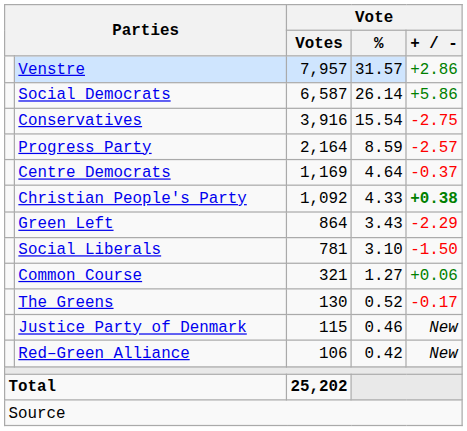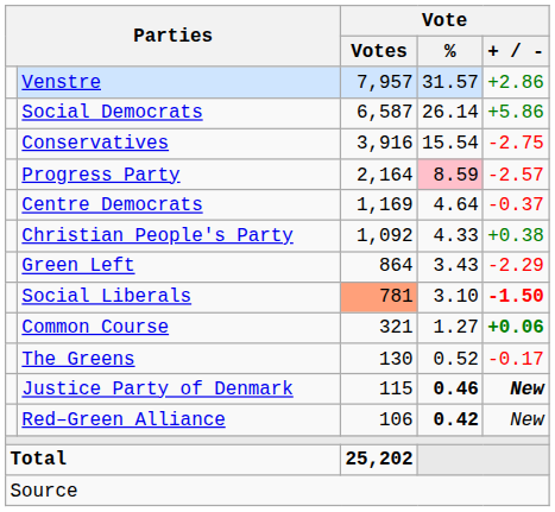 <table class="wikitable" style="text-align:right;">
 <tr>
 <th style="text-align:centre;" rowspan="2" colspan="2" width="225">Parties</th>
 <th colspan="3">Vote</th>
 </tr>
 <tr>
 <th width="15">Votes</th>
 <th width="15">%</th>
 <th width="15">+ / -</th>
 </tr>
 <tr>
 <td width="2" style="color:inherit;background:"></td>
 <td bgcolor=#cfe5fe  align="left"><a href='#'>Venstre</a></td>
 <td bgcolor=#cfe5fe>7,957</td>
 <td bgcolor=#cfe5fe>31.57</td>
 <td style=color:green;>+2.86</td>
 </tr>
 <tr>
 <td width="2" style="color:inherit;background:"></td>
 <td align="left"><a href='#'>Social Democrats</a></td>
 <td>6,587</td>
 <td>26.14</td>
 <td style=color:green;>+5.86</td>
 </tr>
 <tr>
 <td width="2" style="color:inherit;background:"></td>
 <td align="left"><a href='#'>Conservatives</a></td>
 <td>3,916</td>
 <td>15.54</td>
 <td style=color:red;>-2.75</td>
 </tr>
 <tr>
 <td width="2" style="color:inherit;background:"></td>
 <td align="left"><a href='#'>Progress Party</a></td>
 <td>2,164</td>
-<td>8.59</td>
+<td style="background: pink;">8.59</td>
 <td style=color:red;>-2.57</td>
 </tr>
 <tr>
 <td width="2" style="color:inherit;background:"></td>
 <td align="left"><a href='#'>Centre Democrats</a></td>
 <td>1,169</td>
 <td>4.64</td>
 <td style=color:red;>-0.37</td>
 </tr>
 <tr>
 <td width="2" style="color:inherit;background:"></td>
 <td align="left"><a href='#'>Christian People's Party</a></td>
 <td>1,092</td>
 <td>4.33</td>
-<td style=color:green;><strong>+0.38</strong></td>
+<td style=color:green;>+0.38</td>
 </tr>
 <tr>
 <td width="2" style="color:inherit;background:"></td>
 <td align="left"><a href='#'>Green Left</a></td>
 <td>864</td>
 <td>3.43</td>
 <td style=color:red;>-2.29</td>
 </tr>
 <tr>
 <td width="2" style="color:inherit;background:"></td>
 <td align="left"><a href='#'>Social Liberals</a></td>
-<td>781</td>
+<td style="background: lightsalmon;">781</td>
 <td>3.10</td>
-<td style=color:red;>-1.50</td>
+<td style=color:red;><strong>-1.50</strong></td>
 </tr>
 <tr>
 <td width="2" style="color:inherit;background:"></td>
 <td align="left"><a href='#'>Common Course</a></td>
 <td>321</td>
 <td>1.27</td>
-<td style=color:green;>+0.06</td>
+<td style=color:green;><strong>+0.06</strong></td>
 </tr>
 <tr>
 <td width="2" style="color:inherit;background:"></td>
 <td align="left"><a href='#'>The Greens</a></td>
 <td>130</td>
 <td>0.52</td>
 <td style=color:red;>-0.17</td>
 </tr>
 <tr>
 <td width="2" style="color:inherit;background:"></td>
 <td align="left"><a href='#'>Justice Party of Denmark</a></td>
 <td>115</td>
-<td>0.46</td>
-<td><em>New</em></td>
+<td><strong>0.46</strong></td>
+<td><strong><em>New</em></strong></td>
 </tr>
 <tr>
 <td width="2" style="color:inherit;background:"></td>
 <td align="left"><a href='#'>Red–Green Alliance</a></td>
 <td>106</td>
-<td>0.42</td>
+<td><strong>0.42</strong></td>
 <td><em>New</em></td>
 </tr>
 <tr>
 <td colspan="7" bgcolor="#E9E9E9"></td>
 </tr>
 <tr>
 <td align="left" colspan="2"><strong>Total</strong></td>
 <td><strong>25,202</strong></td>
 <td bgcolor="#E9E9E9" colspan="2"></td>
 </tr>
 <tr>
 <td align="left" colspan="6">Source</td>
 </tr>
 </table>
